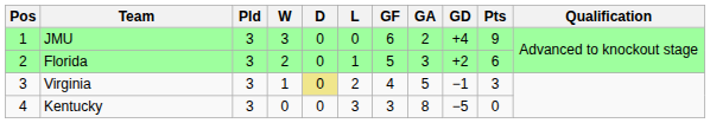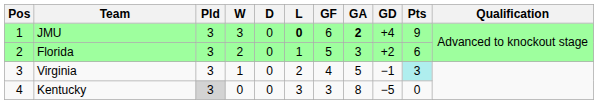 <table class="wikitable" style="text-align:center; margin: 1em auto">
 <tr>
 <th style="width:2em">Pos</th>
 <th style="width:13em">Team</th>
 <th style="width:2em">Pld</th>
 <th style="width:2em">W</th>
 <th style="width:2em">D</th>
 <th style="width:2em">L</th>
 <th style="width:2em">GF</th>
 <th style="width:2em">GA</th>
 <th style="width:2em">GD</th>
 <th style="width:2em">Pts</th>
 <th style="width:13em">Qualification</th>
 </tr>
 <tr bgcolor="#9eff9e">
 <td>1</td>
 <td style="text-align:left">JMU</td>
 <td>3</td>
 <td>3</td>
 <td>0</td>
-<td>0</td>
+<td><strong>0</strong></td>
 <td>6</td>
-<td>2</td>
+<td><strong>2</strong></td>
 <td>+4</td>
 <td>9</td>
 <td rowspan="2">Advanced to knockout stage</td>
 </tr>
 <tr bgcolor="#9eff9e">
 <td>2</td>
 <td style="text-align:left">Florida</td>
 <td>3</td>
 <td>2</td>
 <td>0</td>
 <td>1</td>
 <td>5</td>
 <td>3</td>
 <td>+2</td>
 <td>6</td>
 </tr>
 <tr>
 <td>3</td>
 <td style="text-align:left">Virginia</td>
 <td>3</td>
 <td>1</td>
-<td style="background: khaki;">0</td>
+<td>0</td>
 <td>2</td>
 <td>4</td>
 <td>5</td>
 <td>−1</td>
-<td>3</td>
+<td style="background: paleturquoise;">3</td>
 <td rowspan="2"></td>
 </tr>
 <tr>
 <td>4</td>
 <td style="text-align:left">Kentucky</td>
-<td>3</td>
+<td style="background: lightgrey;">3</td>
 <td>0</td>
 <td>0</td>
 <td>3</td>
 <td>3</td>
 <td>8</td>
 <td>−5</td>
 <td>0</td>
 </tr>
 </table>
